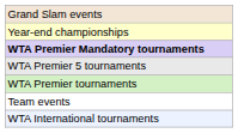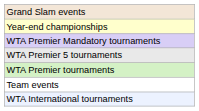 <table class="wikitable"  style="font-size:90%; width:15%;">
 <tr style="background:#F3E6D7;">
 <td>Grand Slam events</td>
 </tr>
 <tr style="background:#ffc;">
 <td>Year-end championships</td>
 </tr>
 <tr style="background:#d8cef6;">
-<td><strong>WTA Premier Mandatory tournaments</strong></td>
+<td>WTA Premier Mandatory tournaments</td>
 </tr>
 <tr style="background:#E9E9E9;">
 <td>WTA Premier 5 tournaments</td>
 </tr>
 <tr style="background:#D4F1C5;">
 <td>WTA Premier tournaments</td>
 </tr>
 <tr style="background:#fff;">
 <td>Team events</td>
 </tr>
 <tr style="background:#ECF2FF;">
 <td>WTA International tournaments</td>
 </tr>
 </table>
